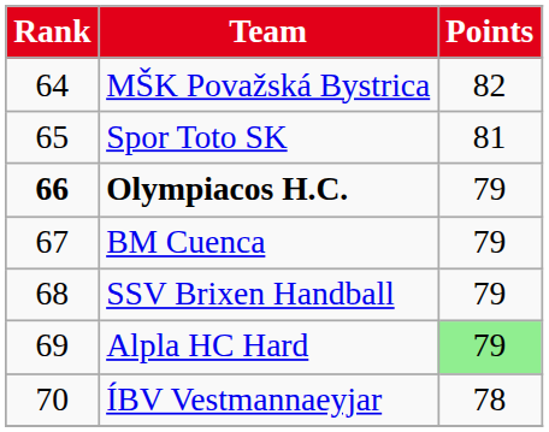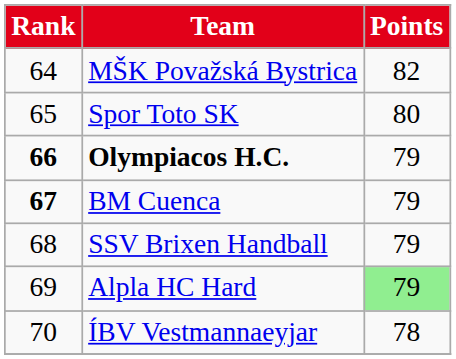 <table class="wikitable" style="text-align: center">
 <tr>
 <th style="color:#FFFFFF; background:#E20019">Rank</th>
 <th style="color:#FFFFFF; background:#E20019">Team</th>
 <th style="color:#FFFFFF; background:#E20019">Points</th>
 </tr>
 <tr>
 <td>64</td>
 <td align=left> <a href='#'>MŠK Považská Bystrica</a></td>
 <td>82</td>
 </tr>
 <tr>
 <td>65</td>
 <td align=left> <a href='#'>Spor Toto SK</a></td>
-<td>81</td>
+<td>80</td>
 </tr>
 <tr>
 <td><strong>66</strong></td>
 <td align=left> <strong>Olympiacos H.C.</strong></td>
 <td>79</td>
 </tr>
 <tr>
-<td>67</td>
+<td><strong>67</strong></td>
 <td align=left> <a href='#'>BM Cuenca</a></td>
 <td>79</td>
 </tr>
 <tr>
 <td>68</td>
 <td align=left> <a href='#'>SSV Brixen Handball</a></td>
 <td>79</td>
 </tr>
 <tr>
 <td>69</td>
 <td align=left> <a href='#'>Alpla HC Hard</a></td>
 <td style="background: lightgreen;">79</td>
 </tr>
 <tr>
 <td>70</td>
 <td align=left> <a href='#'>ÍBV Vestmannaeyjar</a></td>
 <td>78</td>
 </tr>
 <tr>
 </tr>
 </table>
